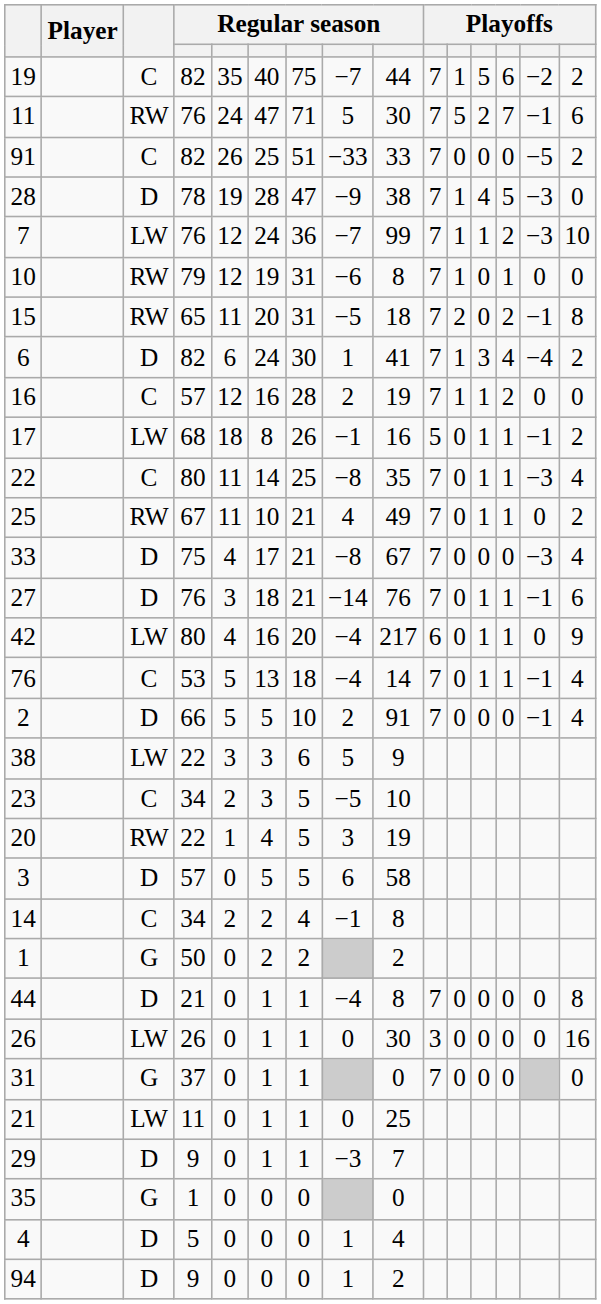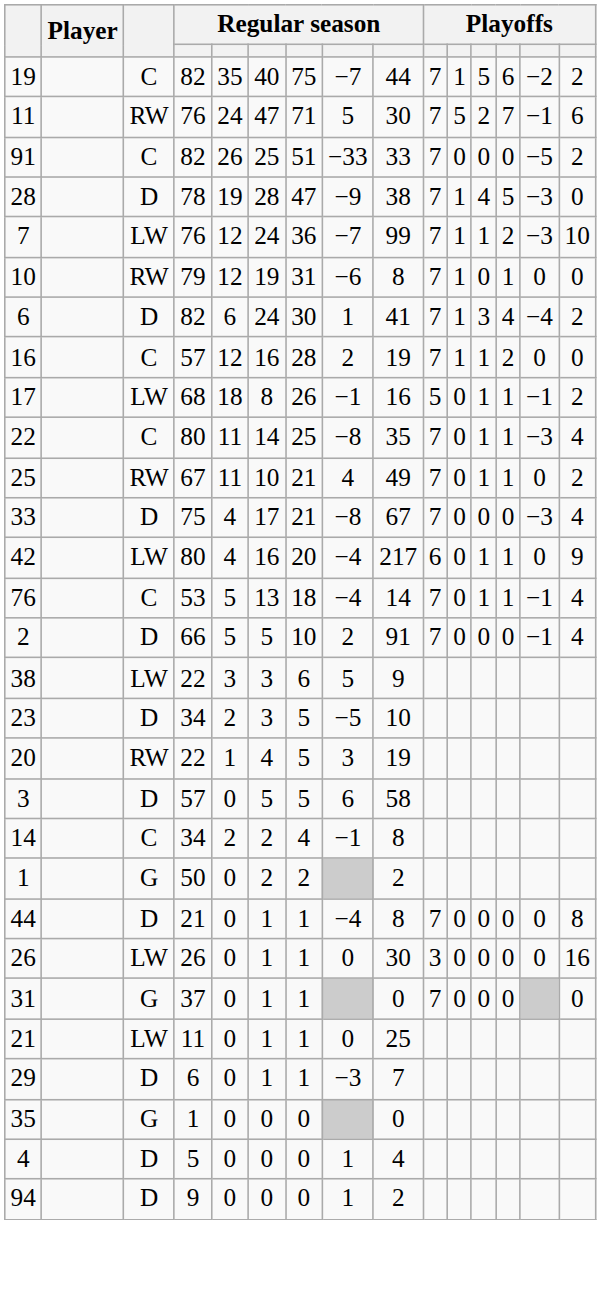 <table class="wikitable sortable plainrowheaders" style="text-align:center;">
 <tr>
 <th scope="col" data-sort-type="number" rowspan="2"></th>
 <th scope="col" rowspan="2">Player</th>
 <th scope="col" rowspan="2"></th>
 <th scope=colgroup colspan=6>Regular season</th>
 <th scope=colgroup colspan=6>Playoffs</th>
 </tr>
 <tr>
 <th scope="col" data-sort-type="number"></th>
 <th scope="col" data-sort-type="number"></th>
 <th scope="col" data-sort-type="number"></th>
 <th scope="col" data-sort-type="number"></th>
 <th scope="col" data-sort-type="number"></th>
 <th scope="col" data-sort-type="number"></th>
 <th scope="col" data-sort-type="number"></th>
 <th scope="col" data-sort-type="number"></th>
 <th scope="col" data-sort-type="number"></th>
 <th scope="col" data-sort-type="number"></th>
 <th scope="col" data-sort-type="number"></th>
 <th scope="col" data-sort-type="number"></th>
 </tr>
 <tr>
 <td scope="row">19</td>
 <td align="left"></td>
 <td>C</td>
 <td>82</td>
 <td>35</td>
 <td>40</td>
 <td>75</td>
 <td>−7</td>
 <td>44</td>
 <td>7</td>
 <td>1</td>
 <td>5</td>
 <td>6</td>
 <td>−2</td>
 <td>2</td>
 </tr>
 <tr>
 <td scope="row">11</td>
 <td align="left"></td>
 <td>RW</td>
 <td>76</td>
 <td>24</td>
 <td>47</td>
 <td>71</td>
 <td>5</td>
 <td>30</td>
 <td>7</td>
 <td>5</td>
 <td>2</td>
 <td>7</td>
 <td>−1</td>
 <td>6</td>
 </tr>
 <tr>
 <td scope="row">91</td>
 <td align="left"></td>
 <td>C</td>
 <td>82</td>
 <td>26</td>
 <td>25</td>
 <td>51</td>
 <td>−33</td>
 <td>33</td>
 <td>7</td>
 <td>0</td>
 <td>0</td>
 <td>0</td>
 <td>−5</td>
 <td>2</td>
 </tr>
 <tr>
 <td scope="row">28</td>
 <td align="left"></td>
 <td>D</td>
 <td>78</td>
 <td>19</td>
 <td>28</td>
 <td>47</td>
 <td>−9</td>
 <td>38</td>
 <td>7</td>
 <td>1</td>
 <td>4</td>
 <td>5</td>
 <td>−3</td>
 <td>0</td>
 </tr>
 <tr>
 <td scope="row">7</td>
 <td align="left"></td>
 <td>LW</td>
 <td>76</td>
 <td>12</td>
 <td>24</td>
 <td>36</td>
 <td>−7</td>
 <td>99</td>
 <td>7</td>
 <td>1</td>
 <td>1</td>
 <td>2</td>
 <td>−3</td>
 <td>10</td>
 </tr>
 <tr>
 <td scope="row">10</td>
 <td align="left"></td>
 <td>RW</td>
 <td>79</td>
 <td>12</td>
 <td>19</td>
 <td>31</td>
 <td>−6</td>
 <td>8</td>
 <td>7</td>
 <td>1</td>
 <td>0</td>
 <td>1</td>
 <td>0</td>
 <td>0</td>
 </tr>
 <tr>
-<td scope="row">15</td>
-<td align="left"></td>
-<td>RW</td>
-<td>65</td>
-<td>11</td>
-<td>20</td>
-<td>31</td>
-<td>−5</td>
-<td>18</td>
-<td>7</td>
-<td>2</td>
-<td>0</td>
-<td>2</td>
-<td>−1</td>
-<td>8</td>
-</tr>
-<tr>
 <td scope="row">6</td>
 <td align="left"></td>
 <td>D</td>
 <td>82</td>
 <td>6</td>
 <td>24</td>
 <td>30</td>
 <td>1</td>
 <td>41</td>
 <td>7</td>
 <td>1</td>
 <td>3</td>
 <td>4</td>
 <td>−4</td>
 <td>2</td>
 </tr>
 <tr>
 <td scope="row">16</td>
 <td align="left"></td>
 <td>C</td>
 <td>57</td>
 <td>12</td>
 <td>16</td>
 <td>28</td>
 <td>2</td>
 <td>19</td>
 <td>7</td>
 <td>1</td>
 <td>1</td>
 <td>2</td>
 <td>0</td>
 <td>0</td>
 </tr>
 <tr>
 <td scope="row">17</td>
 <td align="left"></td>
 <td>LW</td>
 <td>68</td>
 <td>18</td>
 <td>8</td>
 <td>26</td>
 <td>−1</td>
 <td>16</td>
 <td>5</td>
 <td>0</td>
 <td>1</td>
 <td>1</td>
 <td>−1</td>
 <td>2</td>
 </tr>
 <tr>
 <td scope="row">22</td>
 <td align="left"></td>
 <td>C</td>
 <td>80</td>
 <td>11</td>
 <td>14</td>
 <td>25</td>
 <td>−8</td>
 <td>35</td>
 <td>7</td>
 <td>0</td>
 <td>1</td>
 <td>1</td>
 <td>−3</td>
 <td>4</td>
 </tr>
 <tr>
 <td scope="row">25</td>
 <td align="left"></td>
 <td>RW</td>
 <td>67</td>
 <td>11</td>
 <td>10</td>
 <td>21</td>
 <td>4</td>
 <td>49</td>
 <td>7</td>
 <td>0</td>
 <td>1</td>
 <td>1</td>
 <td>0</td>
 <td>2</td>
 </tr>
 <tr>
 <td scope="row">33</td>
 <td align="left"></td>
 <td>D</td>
 <td>75</td>
 <td>4</td>
 <td>17</td>
 <td>21</td>
 <td>−8</td>
 <td>67</td>
 <td>7</td>
 <td>0</td>
 <td>0</td>
 <td>0</td>
 <td>−3</td>
 <td>4</td>
 </tr>
 <tr>
-<td scope="row">27</td>
-<td align="left"></td>
-<td>D</td>
-<td>76</td>
-<td>3</td>
-<td>18</td>
-<td>21</td>
-<td>−14</td>
-<td>76</td>
-<td>7</td>
-<td>0</td>
-<td>1</td>
-<td>1</td>
-<td>−1</td>
-<td>6</td>
-</tr>
-<tr>
 <td scope="row">42</td>
 <td align="left"></td>
 <td>LW</td>
 <td>80</td>
 <td>4</td>
 <td>16</td>
 <td>20</td>
 <td>−4</td>
 <td>217</td>
 <td>6</td>
 <td>0</td>
 <td>1</td>
 <td>1</td>
 <td>0</td>
 <td>9</td>
 </tr>
 <tr>
 <td scope="row">76</td>
 <td align="left"></td>
 <td>C</td>
 <td>53</td>
 <td>5</td>
 <td>13</td>
 <td>18</td>
 <td>−4</td>
 <td>14</td>
 <td>7</td>
 <td>0</td>
 <td>1</td>
 <td>1</td>
 <td>−1</td>
 <td>4</td>
 </tr>
 <tr>
 <td scope="row">2</td>
 <td align="left"></td>
 <td>D</td>
 <td>66</td>
 <td>5</td>
 <td>5</td>
 <td>10</td>
 <td>2</td>
 <td>91</td>
 <td>7</td>
 <td>0</td>
 <td>0</td>
 <td>0</td>
 <td>−1</td>
 <td>4</td>
 </tr>
 <tr>
 <td scope="row">38</td>
 <td align="left"></td>
 <td>LW</td>
 <td>22</td>
 <td>3</td>
 <td>3</td>
 <td>6</td>
 <td>5</td>
 <td>9</td>
 <td></td>
 <td></td>
 <td></td>
 <td></td>
 <td></td>
 <td></td>
 </tr>
 <tr>
 <td scope="row">23</td>
 <td align="left"></td>
-<td>C</td>
+<td>D</td>
 <td>34</td>
 <td>2</td>
 <td>3</td>
 <td>5</td>
 <td>−5</td>
 <td>10</td>
 <td></td>
 <td></td>
 <td></td>
 <td></td>
 <td></td>
 <td></td>
 </tr>
 <tr>
 <td scope="row">20</td>
 <td align="left"></td>
 <td>RW</td>
 <td>22</td>
 <td>1</td>
 <td>4</td>
 <td>5</td>
 <td>3</td>
 <td>19</td>
 <td></td>
 <td></td>
 <td></td>
 <td></td>
 <td></td>
 <td></td>
 </tr>
 <tr>
 <td scope="row">3</td>
 <td align="left"></td>
 <td>D</td>
 <td>57</td>
 <td>0</td>
 <td>5</td>
 <td>5</td>
 <td>6</td>
 <td>58</td>
 <td></td>
 <td></td>
 <td></td>
 <td></td>
 <td></td>
 <td></td>
 </tr>
 <tr>
 <td scope="row">14</td>
 <td align="left"></td>
 <td>C</td>
 <td>34</td>
 <td>2</td>
 <td>2</td>
 <td>4</td>
 <td>−1</td>
 <td>8</td>
 <td></td>
 <td></td>
 <td></td>
 <td></td>
 <td></td>
 <td></td>
 </tr>
 <tr>
 <td scope="row">1</td>
 <td align="left"></td>
 <td>G</td>
 <td>50</td>
 <td>0</td>
 <td>2</td>
 <td>2</td>
 <td style="background:#ccc"></td>
 <td>2</td>
 <td></td>
 <td></td>
 <td></td>
 <td></td>
 <td></td>
 <td></td>
 </tr>
 <tr>
 <td scope="row">44</td>
 <td align="left"></td>
 <td>D</td>
 <td>21</td>
 <td>0</td>
 <td>1</td>
 <td>1</td>
 <td>−4</td>
 <td>8</td>
 <td>7</td>
 <td>0</td>
 <td>0</td>
 <td>0</td>
 <td>0</td>
 <td>8</td>
 </tr>
 <tr>
 <td scope="row">26</td>
 <td align="left"></td>
 <td>LW</td>
 <td>26</td>
 <td>0</td>
 <td>1</td>
 <td>1</td>
 <td>0</td>
 <td>30</td>
 <td>3</td>
 <td>0</td>
 <td>0</td>
 <td>0</td>
 <td>0</td>
 <td>16</td>
 </tr>
 <tr>
 <td scope="row">31</td>
 <td align="left"></td>
 <td>G</td>
 <td>37</td>
 <td>0</td>
 <td>1</td>
 <td>1</td>
 <td style="background:#ccc"></td>
 <td>0</td>
 <td>7</td>
 <td>0</td>
 <td>0</td>
 <td>0</td>
 <td style="background:#ccc"></td>
 <td>0</td>
 </tr>
 <tr>
 <td scope="row">21</td>
 <td align="left"></td>
 <td>LW</td>
 <td>11</td>
 <td>0</td>
 <td>1</td>
 <td>1</td>
 <td>0</td>
 <td>25</td>
 <td></td>
 <td></td>
 <td></td>
 <td></td>
 <td></td>
 <td></td>
 </tr>
 <tr>
 <td scope="row">29</td>
 <td align="left"></td>
 <td>D</td>
-<td>9</td>
+<td>6</td>
 <td>0</td>
 <td>1</td>
 <td>1</td>
 <td>−3</td>
 <td>7</td>
 <td></td>
 <td></td>
 <td></td>
 <td></td>
 <td></td>
 <td></td>
 </tr>
 <tr>
 <td scope="row">35</td>
 <td align="left"></td>
 <td>G</td>
 <td>1</td>
 <td>0</td>
 <td>0</td>
 <td>0</td>
 <td style="background:#ccc"></td>
 <td>0</td>
 <td></td>
 <td></td>
 <td></td>
 <td></td>
 <td></td>
 <td></td>
 </tr>
 <tr>
 <td scope="row">4</td>
 <td align="left"></td>
 <td>D</td>
 <td>5</td>
 <td>0</td>
 <td>0</td>
 <td>0</td>
 <td>1</td>
 <td>4</td>
 <td></td>
 <td></td>
 <td></td>
 <td></td>
 <td></td>
 <td></td>
 </tr>
 <tr>
 <td scope="row">94</td>
 <td align="left"></td>
 <td>D</td>
 <td>9</td>
 <td>0</td>
 <td>0</td>
 <td>0</td>
 <td>1</td>
 <td>2</td>
 <td></td>
 <td></td>
 <td></td>
 <td></td>
 <td></td>
 <td></td>
 </tr>
 </table>
